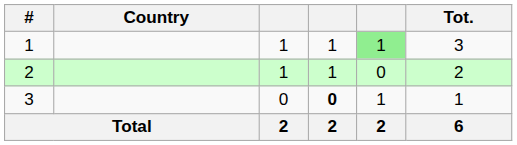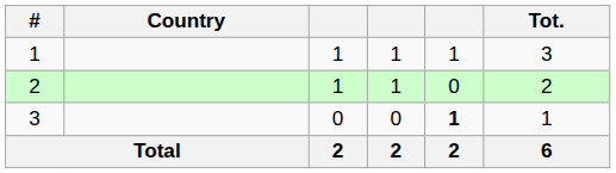 <table class="wikitable" width=30% style="font-size:100%; text-align:center;">
 <tr>
 <th>#</th>
 <th>Country</th>
 <th></th>
 <th></th>
 <th></th>
 <th>Tot.</th>
 </tr>
 <tr>
 <td>1</td>
 <td align=left></td>
 <td>1</td>
 <td>1</td>
-<td style="background: lightgreen;">1</td>
+<td>1</td>
 <td>3</td>
 </tr>
 <tr style="background:#ccffcc;">
 <td>2</td>
 <td align=left></td>
 <td>1</td>
 <td>1</td>
 <td>0</td>
 <td>2</td>
 </tr>
 <tr>
 <td>3</td>
 <td align=left></td>
 <td>0</td>
-<td><strong>0</strong></td>
-<td>1</td>
+<td>0</td>
+<td><strong>1</strong></td>
 <td>1</td>
 </tr>
 <tr class="sortbottom">
 <th colspan=2>Total</th>
 <th>2</th>
 <th>2</th>
 <th>2</th>
 <th>6</th>
 </tr>
 </table>
